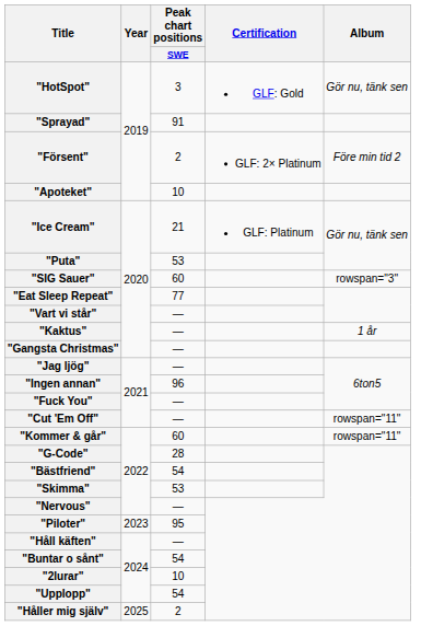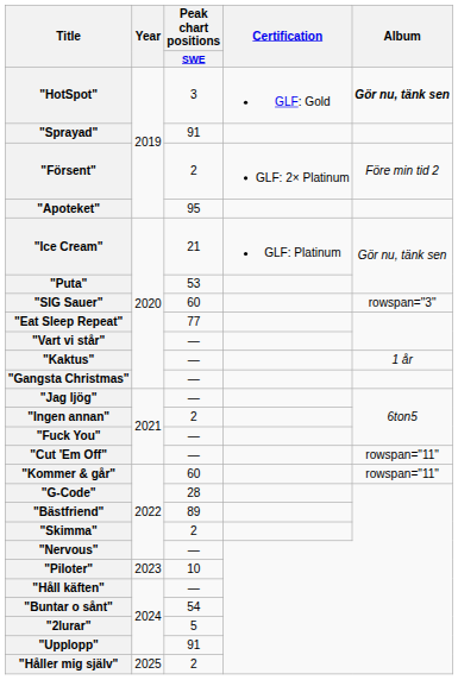 <table class="wikitable plainrowheaders" style="text-align:center;">
 <tr>
 <th scope="col" rowspan="2">Title</th>
 <th scope="col" rowspan="2">Year</th>
 <th scope="col" colspan="1">Peak chart positions</th>
 <th scope="col" rowspan="2"><a href='#'>Certification</a></th>
 <th scope="col" rowspan="2">Album</th>
 </tr>
 <tr>
 <th scope="col" style="width:3em;font-size:85%;"><a href='#'>SWE</a><br></th>
 </tr>
 <tr>
 <th scope="row">"HotSpot"<br></th>
 <td rowspan="4">2019</td>
 <td>3</td>
 <td><br><ul><li><a href='#'>GLF</a>: Gold</li></ul></td>
-<td><em>Gör nu, tänk sen</em></td>
+<td><strong><em>Gör nu, tänk sen</em></strong></td>
 </tr>
 <tr>
 <th scope="row">"Sprayad"<br></th>
 <td>91<br></td>
 <td></td>
 <td></td>
 </tr>
 <tr>
 <th scope="row">"Försent"<br></th>
 <td>2</td>
 <td><br><ul><li>GLF: 2× Platinum</li></ul></td>
 <td><em>Före min tid 2</em></td>
 </tr>
 <tr>
 <th scope="row">"Apoteket"<br></th>
-<td>10</td>
+<td>95<br></td>
 <td></td>
 <td></td>
 </tr>
 <tr>
 <th scope="row">"Ice Cream"<br></th>
 <td rowspan="7">2020</td>
 <td>21</td>
 <td><br><ul><li>GLF: Platinum</li></ul></td>
 <td rowspan="2"><em>Gör nu, tänk sen</em></td>
 </tr>
 <tr>
 <th scope="row">"Puta"<br></th>
 <td>53<br></td>
 <td></td>
 </tr>
 <tr>
 <th scope="row">"SIG Sauer"<br></th>
 <td>60<br></td>
 <td></td>
 <td>rowspan="3"</td>
 </tr>
 <tr>
 <th scope="row">"Eat Sleep Repeat"<br></th>
 <td>77</td>
 <td></td>
 </tr>
 <tr>
 <th scope="row">"Vart vi står"<br></th>
 <td>—</td>
 <td></td>
 </tr>
 <tr>
 <th scope="row">"Kaktus"<br></th>
 <td>—</td>
 <td></td>
 <td><em>1 år</em></td>
 </tr>
 <tr>
 <th scope="row">"Gangsta Christmas"<br></th>
 <td>—</td>
 <td></td>
 <td></td>
 </tr>
 <tr>
 <th scope="row">"Jag ljög"</th>
 <td rowspan="4">2021</td>
 <td>—</td>
 <td></td>
 <td rowspan="3"><em>6ton5</em></td>
 </tr>
 <tr>
 <th scope="row">"Ingen annan"</th>
-<td>96</td>
+<td>2</td>
 <td></td>
 </tr>
 <tr>
 <th scope="row">"Fuck You"</th>
 <td>—</td>
 <td></td>
 </tr>
 <tr>
 <th scope="row">"Cut 'Em Off"<br></th>
 <td>—</td>
 <td></td>
 <td>rowspan="11" </td>
 </tr>
 <tr>
 <th scope="row">"Kommer & går"</th>
 <td rowspan="5">2022</td>
 <td>60<br></td>
 <td></td>
 <td>rowspan="11" </td>
 </tr>
 <tr>
 <th scope="row">"G-Code"<br></th>
 <td>28<br></td>
 <td></td>
 </tr>
 <tr>
 <th scope="row">"Bästfriend"<br></th>
-<td>54<br></td>
+<td>89<br></td>
 <td></td>
 </tr>
 <tr>
 <th scope="row">"Skimma"<br></th>
-<td>53<br></td>
+<td>2<br></td>
 <td></td>
 </tr>
 <tr>
 <th scope="row">"Nervous"<br></th>
 <td>—</td>
 </tr>
 <tr>
 <th scope="row">"Piloter"<br></th>
 <td>2023</td>
-<td>95<br></td>
+<td>10</td>
 </tr>
 <tr>
 <th scope="row">"Håll käften"</th>
 <td rowspan="4">2024</td>
 <td>—</td>
 </tr>
 <tr>
 <th scope="row">"Buntar o sånt"<br></th>
 <td>54<br></td>
 </tr>
 <tr>
 <th scope="row">"2lurar"</th>
-<td>10</td>
+<td>5<br></td>
 </tr>
 <tr>
 <th scope="row">"Upplopp"<br></th>
-<td>54<br></td>
+<td>91<br></td>
 </tr>
 <tr>
 <th scope="row">"Håller mig själv"<br></th>
 <td>2025</td>
 <td>2<br></td>
 </tr>
 </table>
